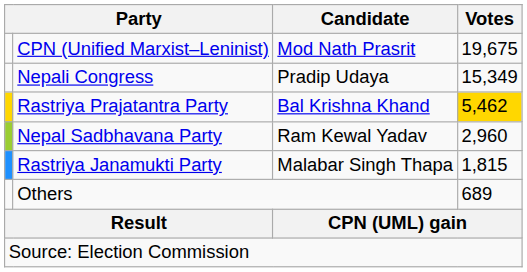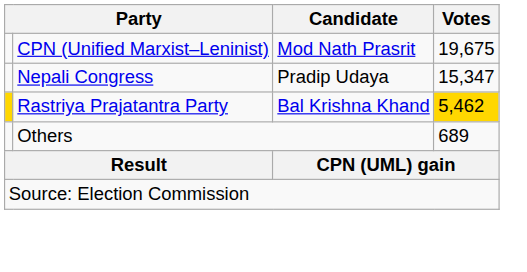 <table class="wikitable">
 <tr>
 <th colspan="2">Party</th>
 <th>Candidate</th>
 <th>Votes</th>
 </tr>
 <tr>
 <td style="background-color:"></td>
 <td><a href='#'>CPN (Unified Marxist–Leninist)</a></td>
 <td><a href='#'>Mod Nath Prasrit</a></td>
 <td>19,675</td>
 </tr>
 <tr>
 <td style="background-color:"></td>
 <td><a href='#'>Nepali Congress</a></td>
 <td>Pradip Udaya</td>
-<td>15,349</td>
+<td>15,347</td>
 </tr>
 <tr>
 <td style="background-color:gold"></td>
 <td><a href='#'>Rastriya Prajatantra Party</a></td>
 <td><a href='#'>Bal Krishna Khand</a></td>
 <td style="background: gold;">5,462</td>
-</tr>
-<tr>
-<td style="background-color:yellowgreen"></td>
-<td><a href='#'>Nepal Sadbhavana Party</a></td>
-<td>Ram Kewal Yadav</td>
-<td>2,960</td>
-</tr>
-<tr>
-<td style="background-color:dodgerblue"></td>
-<td><a href='#'>Rastriya Janamukti Party</a></td>
-<td>Malabar Singh Thapa</td>
-<td>1,815</td>
 </tr>
 <tr>
 <td></td>
 <td colspan="2">Others</td>
 <td>689</td>
 </tr>
 <tr>
 <th colspan="2">Result</th>
 <th colspan="2">CPN (UML) gain</th>
 </tr>
 <tr>
 <td colspan="4">Source: Election Commission</td>
 </tr>
 </table>
